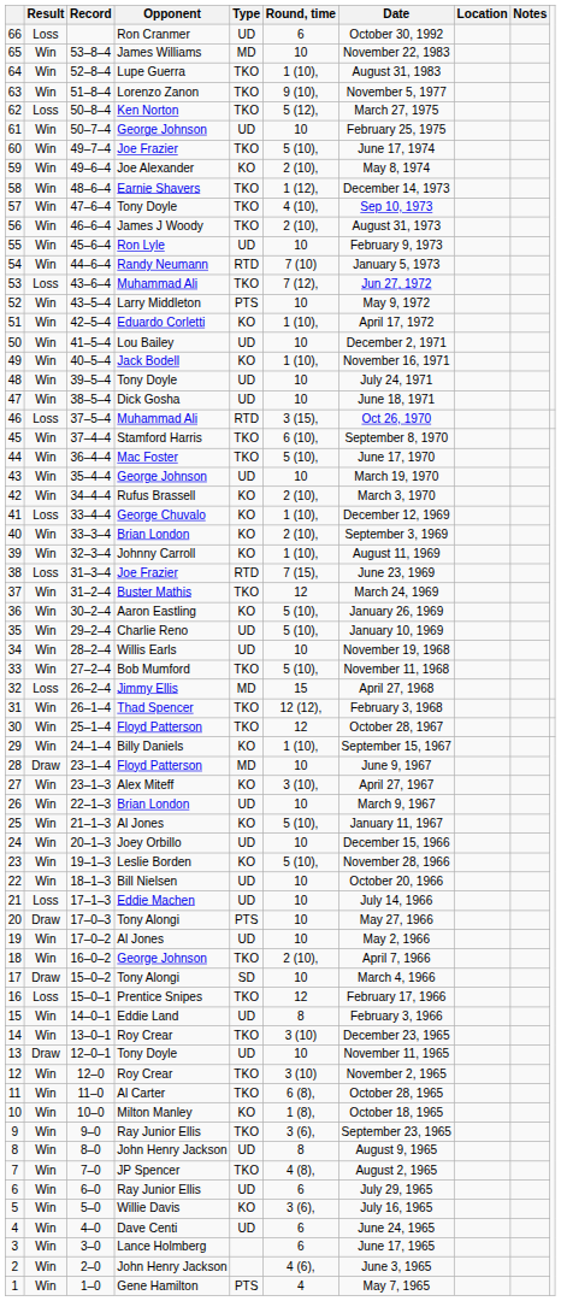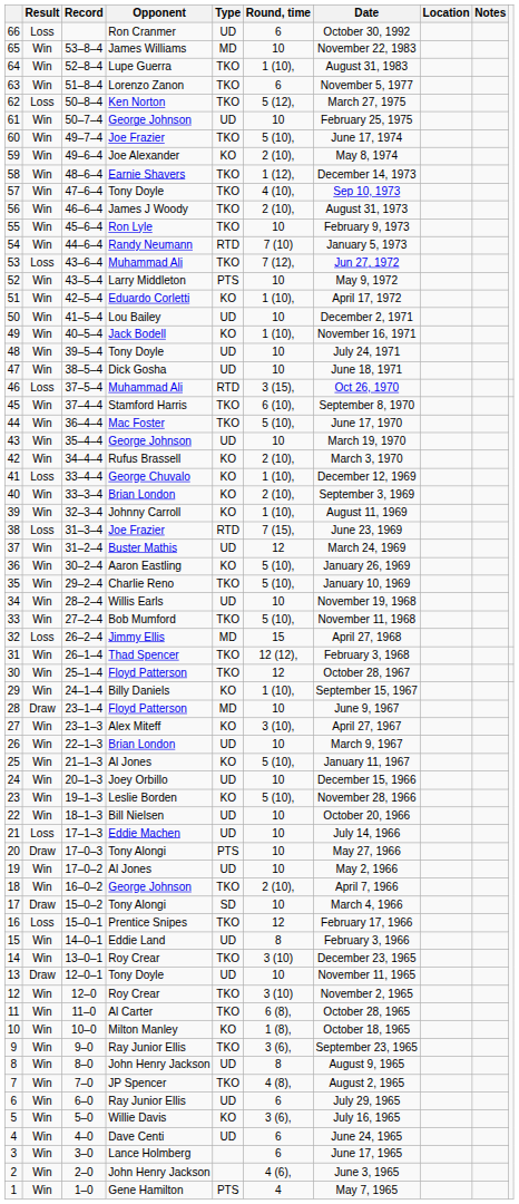 <table class="wikitable" style="text-align:center">
 <tr>
 <th></th>
 <th>Result</th>
 <th>Record</th>
 <th>Opponent</th>
 <th>Type</th>
 <th>Round, time</th>
 <th>Date</th>
 <th>Location</th>
 <th>Notes</th>
 </tr>
 <tr>
 <td>66</td>
 <td>Loss</td>
 <td></td>
 <td style="text-align:left;">Ron Cranmer</td>
 <td>UD</td>
 <td>6</td>
 <td>October 30, 1992</td>
 <td style="text-align:left;"></td>
 <td></td>
 </tr>
 <tr>
 <td>65</td>
 <td>Win</td>
 <td>53–8–4</td>
 <td style="text-align:left;">James Williams</td>
 <td>MD</td>
 <td>10</td>
 <td>November 22, 1983</td>
 <td style="text-align:left;"></td>
 <td></td>
 </tr>
 <tr>
 <td>64</td>
 <td>Win</td>
 <td>52–8–4</td>
 <td style="text-align:left;">Lupe Guerra</td>
 <td>TKO</td>
 <td>1 (10), </td>
 <td>August 31, 1983</td>
 <td style="text-align:left;"></td>
 <td></td>
 </tr>
 <tr>
 <td>63</td>
 <td>Win</td>
 <td>51–8–4</td>
 <td style="text-align:left;">Lorenzo Zanon</td>
 <td>TKO</td>
-<td>9 (10), </td>
+<td>6</td>
 <td>November 5, 1977</td>
 <td style="text-align:left;"></td>
 <td></td>
 </tr>
 <tr>
 <td>62</td>
 <td>Loss</td>
 <td>50–8–4</td>
 <td style="text-align:left;"><a href='#'>Ken Norton</a></td>
 <td>TKO</td>
 <td>5 (12), </td>
 <td>March 27, 1975</td>
 <td style="text-align:left;"></td>
 <td style="text-align:left;"></td>
 </tr>
 <tr>
 <td>61</td>
 <td>Win</td>
 <td>50–7–4</td>
 <td style="text-align:left;"><a href='#'>George Johnson</a></td>
 <td>UD</td>
 <td>10</td>
 <td>February 25, 1975</td>
 <td style="text-align:left;"></td>
 <td></td>
 </tr>
 <tr>
 <td>60</td>
 <td>Win</td>
 <td>49–7–4</td>
 <td style="text-align:left;"><a href='#'>Joe Frazier</a></td>
 <td>TKO</td>
 <td>5 (10), </td>
 <td>June 17, 1974</td>
 <td style="text-align:left;"></td>
 <td></td>
 </tr>
 <tr>
 <td>59</td>
 <td>Win</td>
 <td>49–6–4</td>
 <td style="text-align:left;">Joe Alexander</td>
 <td>KO</td>
 <td>2 (10), </td>
 <td>May 8, 1974</td>
 <td style="text-align:left;"></td>
 <td></td>
 </tr>
 <tr>
 <td>58</td>
 <td>Win</td>
 <td>48–6–4</td>
 <td style="text-align:left;"><a href='#'>Earnie Shavers</a></td>
 <td>TKO</td>
 <td>1 (12), </td>
 <td>December 14, 1973</td>
 <td style="text-align:left;"></td>
 <td></td>
 </tr>
 <tr>
 <td>57</td>
 <td>Win</td>
 <td>47–6–4</td>
 <td style="text-align:left;">Tony Doyle</td>
 <td>TKO</td>
 <td>4 (10), </td>
 <td><a href='#'>Sep 10, 1973</a></td>
 <td style="text-align:left;"></td>
 <td></td>
 </tr>
 <tr>
 <td>56</td>
 <td>Win</td>
 <td>46–6–4</td>
 <td style="text-align:left;">James J Woody</td>
 <td>TKO</td>
 <td>2 (10), </td>
 <td>August 31, 1973</td>
 <td style="text-align:left;"></td>
 <td></td>
 </tr>
 <tr>
 <td>55</td>
 <td>Win</td>
 <td>45–6–4</td>
 <td style="text-align:left;"><a href='#'>Ron Lyle</a></td>
-<td>UD</td>
+<td>TKO</td>
 <td>10</td>
 <td>February 9, 1973</td>
 <td style="text-align:left;"></td>
 <td></td>
 </tr>
 <tr>
 <td>54</td>
 <td>Win</td>
 <td>44–6–4</td>
 <td style="text-align:left;"><a href='#'>Randy Neumann</a></td>
 <td>RTD</td>
 <td>7 (10)</td>
 <td>January 5, 1973</td>
 <td style="text-align:left;"></td>
 <td></td>
 </tr>
 <tr>
 <td>53</td>
 <td>Loss</td>
 <td>43–6–4</td>
 <td style="text-align:left;"><a href='#'>Muhammad Ali</a></td>
 <td>TKO</td>
 <td>7 (12), </td>
 <td><a href='#'>Jun 27, 1972</a></td>
 <td style="text-align:left;"></td>
 <td style="text-align:left;"></td>
 </tr>
 <tr>
 <td>52</td>
 <td>Win</td>
 <td>43–5–4</td>
 <td style="text-align:left;">Larry Middleton</td>
 <td>PTS</td>
 <td>10</td>
 <td>May 9, 1972</td>
 <td style="text-align:left;"></td>
 <td></td>
 </tr>
 <tr>
 <td>51</td>
 <td>Win</td>
 <td>42–5–4</td>
 <td style="text-align:left;"><a href='#'>Eduardo Corletti</a></td>
 <td>KO</td>
 <td>1 (10), </td>
 <td>April 17, 1972</td>
 <td style="text-align:left;"></td>
 <td></td>
 </tr>
 <tr>
 <td>50</td>
 <td>Win</td>
 <td>41–5–4</td>
 <td style="text-align:left;">Lou Bailey</td>
 <td>UD</td>
 <td>10</td>
 <td>December 2, 1971</td>
 <td style="text-align:left;"></td>
 <td></td>
 </tr>
 <tr>
 <td>49</td>
 <td>Win</td>
 <td>40–5–4</td>
 <td style="text-align:left;"><a href='#'>Jack Bodell</a></td>
 <td>KO</td>
 <td>1 (10), </td>
 <td>November 16, 1971</td>
 <td style="text-align:left;"></td>
 <td></td>
 </tr>
 <tr>
 <td>48</td>
 <td>Win</td>
 <td>39–5–4</td>
 <td style="text-align:left;">Tony Doyle</td>
 <td>UD</td>
 <td>10</td>
 <td>July 24, 1971</td>
 <td style="text-align:left;"></td>
 <td></td>
 </tr>
 <tr>
 <td>47</td>
 <td>Win</td>
 <td>38–5–4</td>
 <td style="text-align:left;">Dick Gosha</td>
 <td>UD</td>
 <td>10</td>
 <td>June 18, 1971</td>
 <td style="text-align:left;"></td>
 <td></td>
 </tr>
 <tr>
 <td>46</td>
 <td>Loss</td>
 <td>37–5–4</td>
 <td style="text-align:left;"><a href='#'>Muhammad Ali</a></td>
 <td>RTD</td>
 <td>3 (15), </td>
 <td><a href='#'>Oct 26, 1970</a></td>
 <td style="text-align:left;"></td>
 <td style="text-align:left;"></td>
 <td></td>
 </tr>
 <tr>
 <td>45</td>
 <td>Win</td>
 <td>37–4–4</td>
 <td style="text-align:left;">Stamford Harris</td>
 <td>TKO</td>
 <td>6 (10), </td>
 <td>September 8, 1970</td>
 <td style="text-align:left;"></td>
 <td></td>
 </tr>
 <tr>
 <td>44</td>
 <td>Win</td>
 <td>36–4–4</td>
 <td style="text-align:left;"><a href='#'>Mac Foster</a></td>
 <td>TKO</td>
 <td>5 (10), </td>
 <td>June 17, 1970</td>
 <td style="text-align:left;"></td>
 <td></td>
 </tr>
 <tr>
 <td>43</td>
 <td>Win</td>
 <td>35–4–4</td>
 <td style="text-align:left;"><a href='#'>George Johnson</a></td>
 <td>UD</td>
 <td>10</td>
 <td>March 19, 1970</td>
 <td style="text-align:left;"></td>
 <td></td>
 </tr>
 <tr>
 <td>42</td>
 <td>Win</td>
 <td>34–4–4</td>
 <td style="text-align:left;">Rufus Brassell</td>
 <td>KO</td>
 <td>2 (10), </td>
 <td>March 3, 1970</td>
 <td style="text-align:left;"></td>
 <td></td>
 </tr>
 <tr>
 <td>41</td>
 <td>Loss</td>
 <td>33–4–4</td>
 <td style="text-align:left;"><a href='#'>George Chuvalo</a></td>
 <td>KO</td>
 <td>1 (10), </td>
 <td>December 12, 1969</td>
 <td style="text-align:left;"></td>
 <td></td>
 </tr>
 <tr>
 <td>40</td>
 <td>Win</td>
 <td>33–3–4</td>
 <td style="text-align:left;"><a href='#'>Brian London</a></td>
 <td>KO</td>
 <td>2 (10), </td>
 <td>September 3, 1969</td>
 <td style="text-align:left;"></td>
 <td></td>
 </tr>
 <tr>
 <td>39</td>
 <td>Win</td>
 <td>32–3–4</td>
 <td style="text-align:left;">Johnny Carroll</td>
 <td>KO</td>
 <td>1 (10), </td>
 <td>August 11, 1969</td>
 <td style="text-align:left;"></td>
 <td></td>
 </tr>
 <tr>
 <td>38</td>
 <td>Loss</td>
 <td>31–3–4</td>
 <td style="text-align:left;"><a href='#'>Joe Frazier</a></td>
 <td>RTD</td>
 <td>7 (15), </td>
 <td>June 23, 1969</td>
 <td style="text-align:left;"></td>
 <td style="text-align:left;"></td>
 </tr>
 <tr>
 <td>37</td>
 <td>Win</td>
 <td>31–2–4</td>
 <td style="text-align:left;"><a href='#'>Buster Mathis</a></td>
-<td>TKO</td>
+<td>UD</td>
 <td>12</td>
 <td>March 24, 1969</td>
 <td style="text-align:left;"></td>
 <td></td>
 </tr>
 <tr>
 <td>36</td>
 <td>Win</td>
 <td>30–2–4</td>
 <td style="text-align:left;">Aaron Eastling</td>
 <td>KO</td>
 <td>5 (10), </td>
 <td>January 26, 1969</td>
 <td style="text-align:left;"></td>
 <td></td>
 </tr>
 <tr>
 <td>35</td>
 <td>Win</td>
 <td>29–2–4</td>
 <td style="text-align:left;">Charlie Reno</td>
-<td>UD</td>
+<td>TKO</td>
 <td>5 (10), </td>
 <td>January 10, 1969</td>
 <td style="text-align:left;"></td>
 <td></td>
 </tr>
 <tr>
 <td>34</td>
 <td>Win</td>
 <td>28–2–4</td>
 <td style="text-align:left;">Willis Earls</td>
 <td>UD</td>
 <td>10</td>
 <td>November 19, 1968</td>
 <td style="text-align:left;"></td>
 <td></td>
 </tr>
 <tr>
 <td>33</td>
 <td>Win</td>
 <td>27–2–4</td>
 <td style="text-align:left;">Bob Mumford</td>
 <td>TKO</td>
 <td>5 (10), </td>
 <td>November 11, 1968</td>
 <td style="text-align:left;"></td>
 <td></td>
 </tr>
 <tr>
 <td>32</td>
 <td>Loss</td>
 <td>26–2–4</td>
 <td style="text-align:left;"><a href='#'>Jimmy Ellis</a></td>
 <td>MD</td>
 <td>15</td>
 <td>April 27, 1968</td>
 <td style="text-align:left;"></td>
 <td style="text-align:left;"></td>
 </tr>
 <tr>
 <td>31</td>
 <td>Win</td>
 <td>26–1–4</td>
 <td style="text-align:left;"><a href='#'>Thad Spencer</a></td>
 <td>TKO</td>
 <td>12 (12), </td>
 <td>February 3, 1968</td>
 <td style="text-align:left;"></td>
 <td style="text-align:left;"></td>
 <td></td>
 </tr>
 <tr>
 <td>30</td>
 <td>Win</td>
 <td>25–1–4</td>
 <td style="text-align:left;"><a href='#'>Floyd Patterson</a></td>
 <td>TKO</td>
 <td>12</td>
 <td>October 28, 1967</td>
 <td style="text-align:left;"></td>
 <td style="text-align:left;"></td>
 <td></td>
 </tr>
 <tr>
 <td>29</td>
 <td>Win</td>
 <td>24–1–4</td>
 <td style="text-align:left;">Billy Daniels</td>
 <td>KO</td>
 <td>1 (10), </td>
 <td>September 15, 1967</td>
 <td style="text-align:left;"></td>
 <td></td>
 </tr>
 <tr>
 <td>28</td>
 <td>Draw</td>
 <td>23–1–4</td>
 <td style="text-align:left;"><a href='#'>Floyd Patterson</a></td>
 <td>MD</td>
 <td>10</td>
 <td>June 9, 1967</td>
 <td style="text-align:left;"></td>
 <td></td>
 </tr>
 <tr>
 <td>27</td>
 <td>Win</td>
 <td>23–1–3</td>
 <td style="text-align:left;">Alex Miteff</td>
 <td>KO</td>
 <td>3 (10), </td>
 <td>April 27, 1967</td>
 <td style="text-align:left;"></td>
 <td></td>
 </tr>
 <tr>
 <td>26</td>
 <td>Win</td>
 <td>22–1–3</td>
 <td style="text-align:left;"><a href='#'>Brian London</a></td>
 <td>UD</td>
 <td>10</td>
 <td>March 9, 1967</td>
 <td style="text-align:left;"></td>
 <td></td>
 </tr>
 <tr>
 <td>25</td>
 <td>Win</td>
 <td>21–1–3</td>
 <td style="text-align:left;">Al Jones</td>
 <td>KO</td>
 <td>5 (10), </td>
 <td>January 11, 1967</td>
 <td style="text-align:left;"></td>
 <td style="text-align:left;"></td>
 </tr>
 <tr>
 <td>24</td>
 <td>Win</td>
 <td>20–1–3</td>
 <td style="text-align:left;">Joey Orbillo</td>
 <td>UD</td>
 <td>10</td>
 <td>December 15, 1966</td>
 <td style="text-align:left;"></td>
 <td></td>
 </tr>
 <tr>
 <td>23</td>
 <td>Win</td>
 <td>19–1–3</td>
 <td style="text-align:left;">Leslie Borden</td>
 <td>KO</td>
 <td>5 (10), </td>
 <td>November 28, 1966</td>
 <td style="text-align:left;"></td>
 <td></td>
 </tr>
 <tr>
 <td>22</td>
 <td>Win</td>
 <td>18–1–3</td>
 <td style="text-align:left;">Bill Nielsen</td>
 <td>UD</td>
 <td>10</td>
 <td>October 20, 1966</td>
 <td style="text-align:left;"></td>
 <td></td>
 </tr>
 <tr>
 <td>21</td>
 <td>Loss</td>
 <td>17–1–3</td>
 <td style="text-align:left;"><a href='#'>Eddie Machen</a></td>
 <td>UD</td>
 <td>10</td>
 <td>July 14, 1966</td>
 <td style="text-align:left;"></td>
 <td></td>
 </tr>
 <tr>
 <td>20</td>
 <td>Draw</td>
 <td>17–0–3</td>
 <td style="text-align:left;">Tony Alongi</td>
 <td>PTS</td>
 <td>10</td>
 <td>May 27, 1966</td>
 <td style="text-align:left;"></td>
 <td></td>
 </tr>
 <tr>
 <td>19</td>
 <td>Win</td>
 <td>17–0–2</td>
 <td style="text-align:left;">Al Jones</td>
 <td>UD</td>
 <td>10</td>
 <td>May 2, 1966</td>
 <td style="text-align:left;"></td>
 <td></td>
 </tr>
 <tr>
 <td>18</td>
 <td>Win</td>
 <td>16–0–2</td>
 <td style="text-align:left;"><a href='#'>George Johnson</a></td>
 <td>TKO</td>
 <td>2 (10), </td>
 <td>April 7, 1966</td>
 <td style="text-align:left;"></td>
 <td></td>
 </tr>
 <tr>
 <td>17</td>
 <td>Draw</td>
 <td>15–0–2</td>
 <td style="text-align:left;">Tony Alongi</td>
 <td>SD</td>
 <td>10</td>
 <td>March 4, 1966</td>
 <td style="text-align:left;"></td>
 <td></td>
 </tr>
 <tr>
 <td>16</td>
 <td>Loss</td>
 <td>15–0–1</td>
 <td style="text-align:left;">Prentice Snipes</td>
 <td>TKO</td>
 <td>12</td>
 <td>February 17, 1966</td>
 <td style="text-align:left;"></td>
 <td></td>
 </tr>
 <tr>
 <td>15</td>
 <td>Win</td>
 <td>14–0–1</td>
 <td style="text-align:left;">Eddie Land</td>
 <td>UD</td>
 <td>8</td>
 <td>February 3, 1966</td>
 <td style="text-align:left;"></td>
 <td></td>
 </tr>
 <tr>
 <td>14</td>
 <td>Win</td>
 <td>13–0–1</td>
 <td style="text-align:left;">Roy Crear</td>
 <td>TKO</td>
 <td>3 (10)</td>
 <td>December 23, 1965</td>
 <td style="text-align:left;"></td>
 <td></td>
 </tr>
 <tr>
 <td>13</td>
 <td>Draw</td>
 <td>12–0–1</td>
 <td style="text-align:left;">Tony Doyle</td>
 <td>UD</td>
 <td>10</td>
 <td>November 11, 1965</td>
 <td style="text-align:left;"></td>
 <td></td>
 </tr>
 <tr>
 <td>12</td>
 <td>Win</td>
 <td>12–0</td>
 <td style="text-align:left;">Roy Crear</td>
 <td>TKO</td>
 <td>3 (10)</td>
 <td>November 2, 1965</td>
 <td style="text-align:left;"></td>
 <td></td>
 </tr>
 <tr>
 <td>11</td>
 <td>Win</td>
 <td>11–0</td>
 <td style="text-align:left;">Al Carter</td>
 <td>TKO</td>
 <td>6 (8), </td>
 <td>October 28, 1965</td>
 <td style="text-align:left;"></td>
 <td></td>
 </tr>
 <tr>
 <td>10</td>
 <td>Win</td>
 <td>10–0</td>
 <td style="text-align:left;">Milton Manley</td>
 <td>KO</td>
 <td>1 (8), </td>
 <td>October 18, 1965</td>
 <td style="text-align:left;"></td>
 <td></td>
 </tr>
 <tr>
 <td>9</td>
 <td>Win</td>
 <td>9–0</td>
 <td style="text-align:left;">Ray Junior Ellis</td>
 <td>TKO</td>
 <td>3 (6), </td>
 <td>September 23, 1965</td>
 <td style="text-align:left;"></td>
 <td></td>
 </tr>
 <tr>
 <td>8</td>
 <td>Win</td>
 <td>8–0</td>
 <td style="text-align:left;">John Henry Jackson</td>
 <td>UD</td>
 <td>8</td>
 <td>August 9, 1965</td>
 <td style="text-align:left;"></td>
 <td></td>
 </tr>
 <tr>
 <td>7</td>
 <td>Win</td>
 <td>7–0</td>
 <td style="text-align:left;">JP Spencer</td>
 <td>TKO</td>
 <td>4 (8), </td>
 <td>August 2, 1965</td>
 <td style="text-align:left;"></td>
 <td></td>
 </tr>
 <tr>
 <td>6</td>
 <td>Win</td>
 <td>6–0</td>
 <td style="text-align:left;">Ray Junior Ellis</td>
 <td>UD</td>
 <td>6</td>
 <td>July 29, 1965</td>
 <td style="text-align:left;"></td>
 <td></td>
 </tr>
 <tr>
 <td>5</td>
 <td>Win</td>
 <td>5–0</td>
 <td style="text-align:left;">Willie Davis</td>
 <td>KO</td>
 <td>3 (6), </td>
 <td>July 16, 1965</td>
 <td style="text-align:left;"></td>
 <td></td>
 </tr>
 <tr>
 <td>4</td>
 <td>Win</td>
 <td>4–0</td>
 <td style="text-align:left;">Dave Centi</td>
 <td>UD</td>
 <td>6</td>
 <td>June 24, 1965</td>
 <td style="text-align:left;"></td>
 <td></td>
 </tr>
 <tr>
 <td>3</td>
 <td>Win</td>
 <td>3–0</td>
 <td style="text-align:left;">Lance Holmberg</td>
 <td></td>
 <td>6</td>
 <td>June 17, 1965</td>
 <td style="text-align:left;"></td>
 <td></td>
 </tr>
 <tr>
 <td>2</td>
 <td>Win</td>
 <td>2–0</td>
 <td style="text-align:left;">John Henry Jackson</td>
 <td></td>
 <td>4 (6), </td>
 <td>June 3, 1965</td>
 <td style="text-align:left;"></td>
 <td></td>
 </tr>
 <tr>
 <td>1</td>
 <td>Win</td>
 <td>1–0</td>
 <td style="text-align:left;">Gene Hamilton</td>
 <td>PTS</td>
 <td>4</td>
 <td>May 7, 1965</td>
 <td style="text-align:left;"></td>
 <td></td>
 </tr>
 </table>
